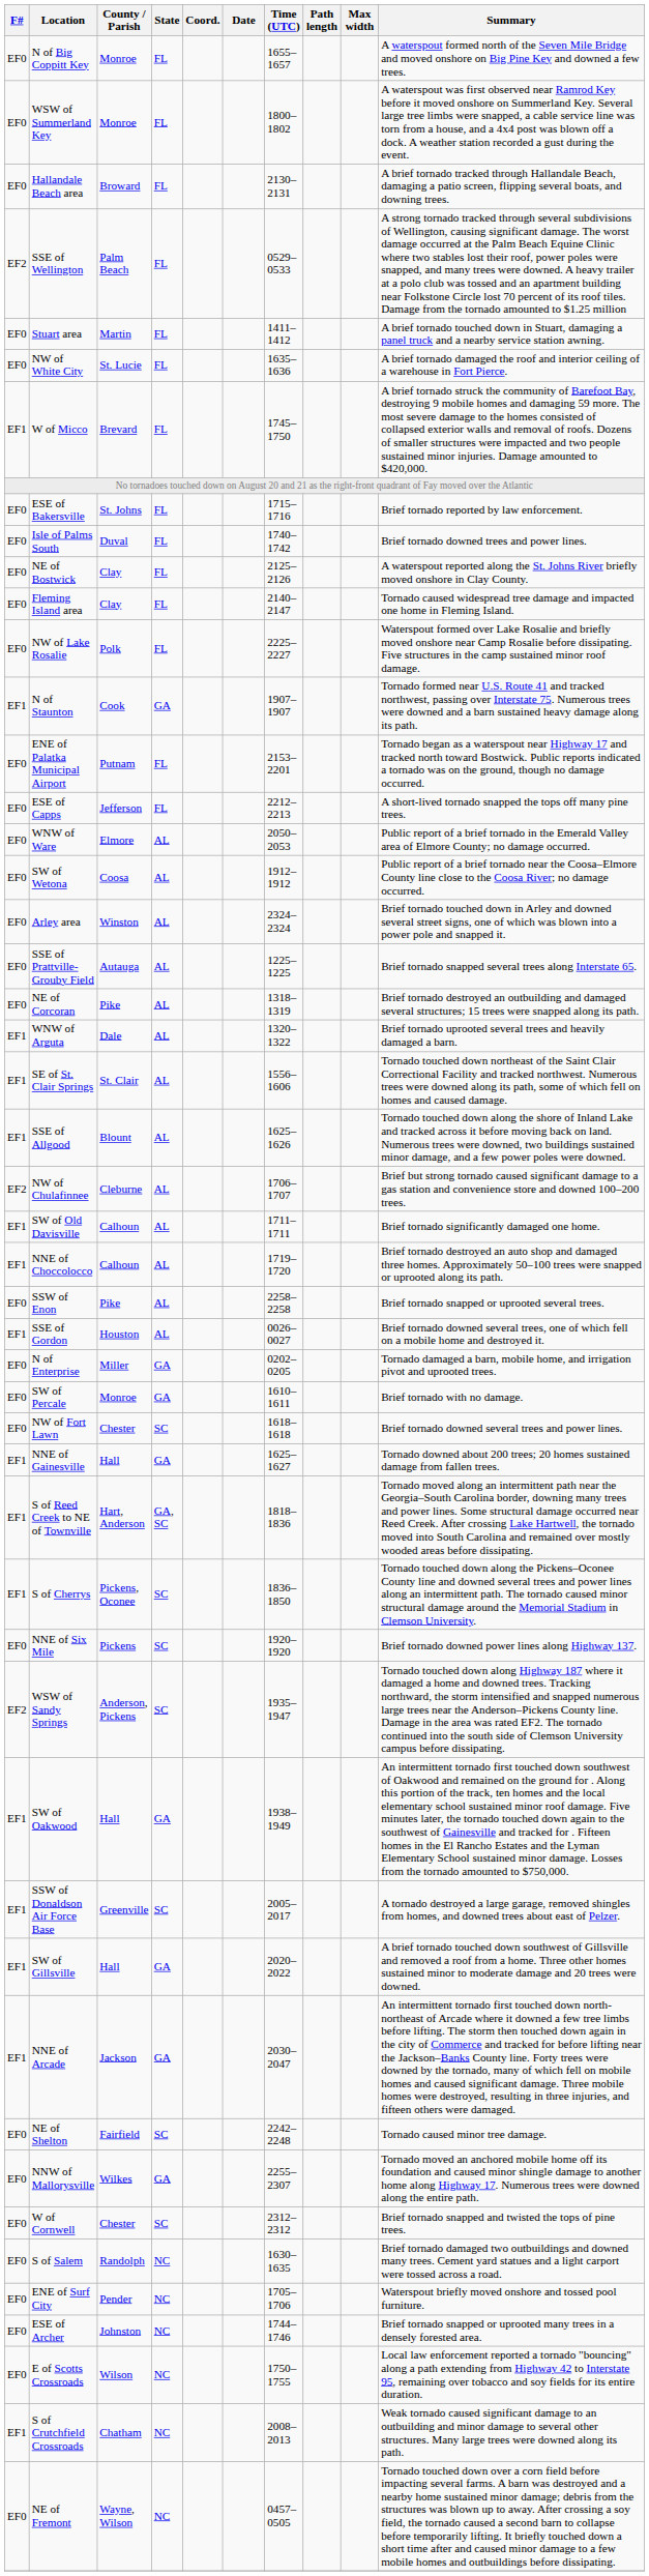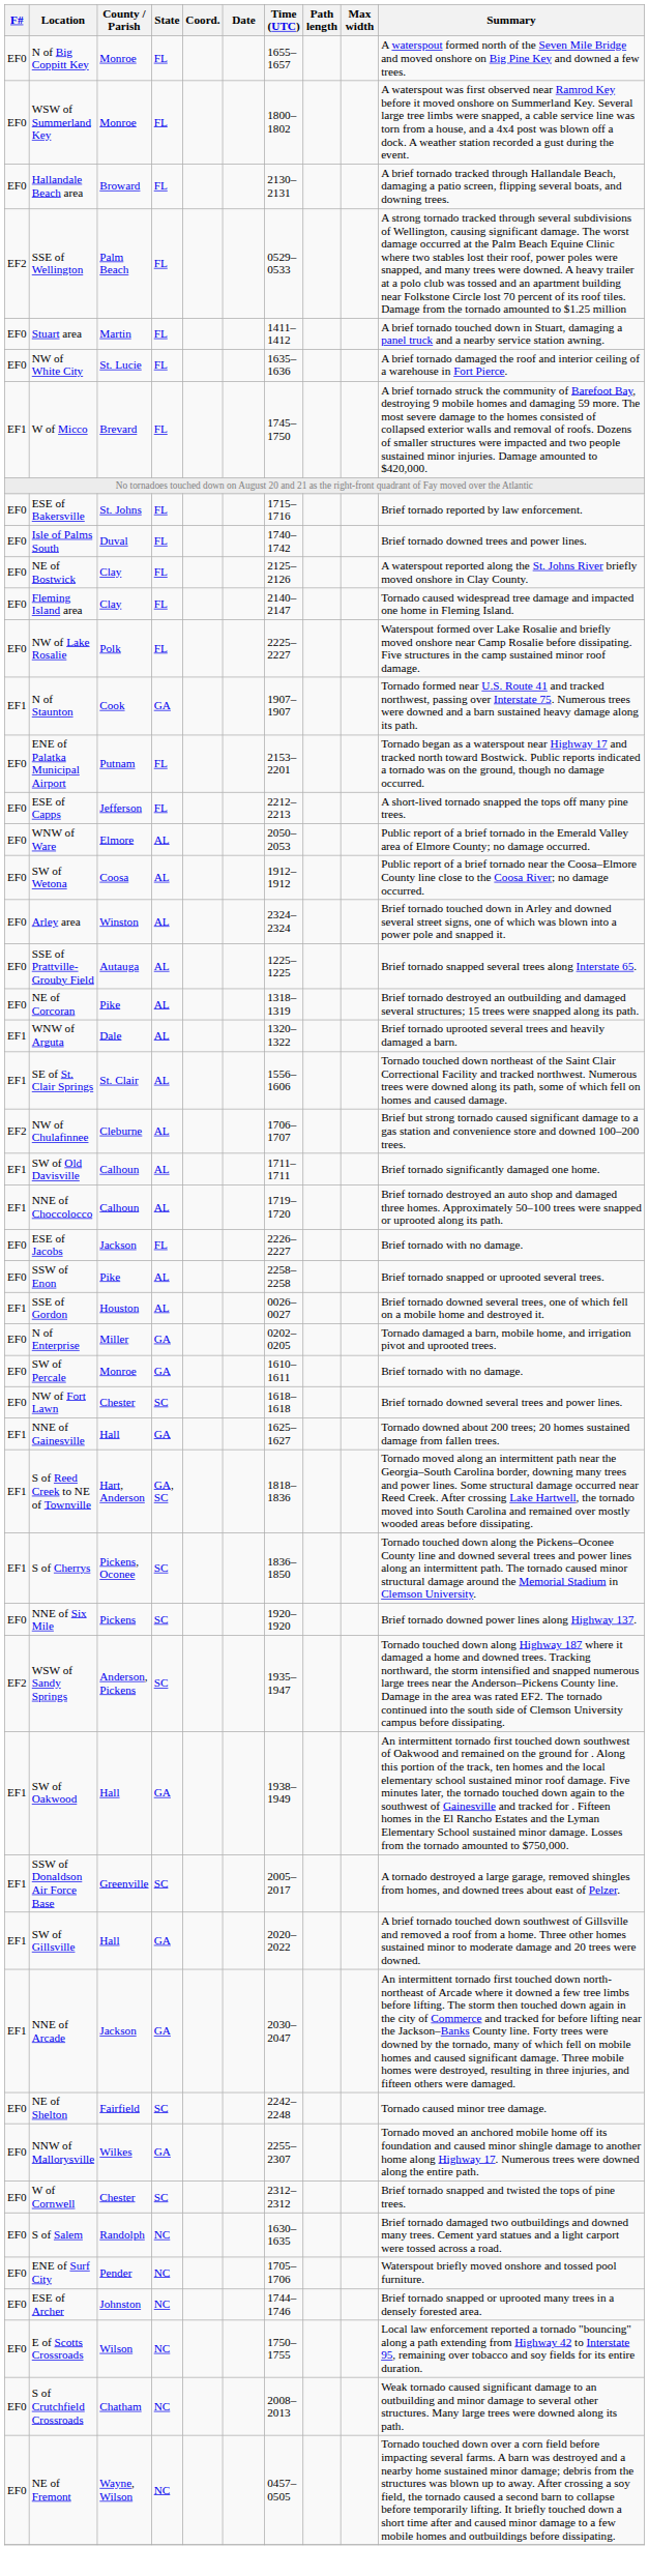 <table class="wikitable sortable" style="width:100%;">
 <tr>
 <th scope="col" width="3%" align="center"><a href='#'>F#</a></th>
 <th scope="col" width="7%" align="center" class="unsortable">Location</th>
 <th scope="col" width="6%" align="center" class="unsortable">County / Parish</th>
 <th scope="col" width="5%" align="center">State</th>
 <th scope="col" width="6%" align="center">Coord.</th>
 <th scope="col" width="7%" align="center">Date</th>
 <th scope="col" width="6%" align="center">Time (<a href='#'>UTC</a>)</th>
 <th scope="col" width="6%" align="center">Path length</th>
 <th scope="col" width="6%" align="center">Max width</th>
 <th scope="col" width="48%" class="unsortable" align="center">Summary</th>
 </tr>
 <tr>
 <td>EF0</td>
 <td>N of <a href='#'>Big Coppitt Key</a></td>
 <td><a href='#'>Monroe</a></td>
 <td><a href='#'>FL</a></td>
 <td></td>
 <td></td>
 <td>1655–1657</td>
 <td></td>
 <td></td>
 <td>A <a href='#'>waterspout</a> formed north of the <a href='#'>Seven Mile Bridge</a> and moved onshore on <a href='#'>Big Pine Key</a> and downed a few trees.</td>
 </tr>
 <tr>
 <td>EF0</td>
 <td>WSW of <a href='#'>Summerland Key</a></td>
 <td><a href='#'>Monroe</a></td>
 <td><a href='#'>FL</a></td>
 <td></td>
 <td></td>
 <td>1800–1802</td>
 <td></td>
 <td></td>
 <td>A waterspout was first observed near <a href='#'>Ramrod Key</a> before it moved onshore on Summerland Key. Several large tree limbs were snapped, a cable service line was torn from a house, and a 4x4 post was blown off a dock. A weather station recorded a  gust during the event.</td>
 </tr>
 <tr>
 <td>EF0</td>
 <td><a href='#'>Hallandale Beach</a> area</td>
 <td><a href='#'>Broward</a></td>
 <td><a href='#'>FL</a></td>
 <td></td>
 <td></td>
 <td>2130–2131</td>
 <td></td>
 <td></td>
 <td>A brief tornado tracked through Hallandale Beach, damaging a patio screen, flipping several boats, and downing trees.</td>
 </tr>
 <tr>
 <td>EF2</td>
 <td>SSE of <a href='#'>Wellington</a></td>
 <td><a href='#'>Palm Beach</a></td>
 <td><a href='#'>FL</a></td>
 <td></td>
 <td></td>
 <td>0529–0533</td>
 <td></td>
 <td></td>
 <td>A strong tornado tracked through several subdivisions of Wellington, causing significant damage. The worst damage occurred at the Palm Beach Equine Clinic where two stables lost their roof, power poles were snapped, and many trees were downed. A heavy trailer at a polo club was tossed  and an apartment building near Folkstone Circle lost 70 percent of its roof tiles. Damage from the tornado amounted to $1.25 million</td>
 </tr>
 <tr>
 <td>EF0</td>
 <td><a href='#'>Stuart</a> area</td>
 <td><a href='#'>Martin</a></td>
 <td><a href='#'>FL</a></td>
 <td></td>
 <td></td>
 <td>1411–1412</td>
 <td></td>
 <td></td>
 <td>A brief tornado touched down in Stuart, damaging a <a href='#'>panel truck</a> and a nearby service station awning.</td>
 </tr>
 <tr>
 <td>EF0</td>
 <td>NW of <a href='#'>White City</a></td>
 <td><a href='#'>St. Lucie</a></td>
 <td><a href='#'>FL</a></td>
 <td></td>
 <td></td>
 <td>1635–1636</td>
 <td></td>
 <td></td>
 <td>A brief tornado damaged the roof and interior ceiling of a warehouse in <a href='#'>Fort Pierce</a>.</td>
 </tr>
 <tr>
 <td>EF1</td>
 <td>W of <a href='#'>Micco</a></td>
 <td><a href='#'>Brevard</a></td>
 <td><a href='#'>FL</a></td>
 <td></td>
 <td></td>
 <td>1745–1750</td>
 <td></td>
 <td></td>
 <td>A brief tornado struck the community of <a href='#'>Barefoot Bay</a>, destroying 9 mobile homes and damaging 59 more. The most severe damage to the homes consisted of collapsed exterior walls and removal of roofs. Dozens of smaller structures were impacted and two people sustained minor injuries. Damage amounted to $420,000.</td>
 </tr>
 <tr>
 <td align=center colspan=10 style="background: #ececec; color: grey; vertical-align: middle; font-size: smaller; text-align: center; " class="table-na">No tornadoes touched down on August 20 and 21 as the right-front quadrant of Fay moved over the Atlantic</td>
 </tr>
 <tr>
 <td>EF0</td>
 <td>ESE of <a href='#'>Bakersville</a></td>
 <td><a href='#'>St. Johns</a></td>
 <td><a href='#'>FL</a></td>
 <td></td>
 <td></td>
 <td>1715–1716</td>
 <td></td>
 <td></td>
 <td>Brief tornado reported by law enforcement.</td>
 </tr>
 <tr>
 <td>EF0</td>
 <td><a href='#'>Isle of Palms South</a></td>
 <td><a href='#'>Duval</a></td>
 <td><a href='#'>FL</a></td>
 <td></td>
 <td></td>
 <td>1740–1742</td>
 <td></td>
 <td></td>
 <td>Brief tornado downed trees and power lines.</td>
 </tr>
 <tr>
 <td>EF0</td>
 <td>NE of <a href='#'>Bostwick</a></td>
 <td><a href='#'>Clay</a></td>
 <td><a href='#'>FL</a></td>
 <td></td>
 <td></td>
 <td>2125–2126</td>
 <td></td>
 <td></td>
 <td>A waterspout reported along the <a href='#'>St. Johns River</a> briefly moved onshore in Clay County.</td>
 </tr>
 <tr>
 <td>EF0</td>
 <td><a href='#'>Fleming Island</a> area</td>
 <td><a href='#'>Clay</a></td>
 <td><a href='#'>FL</a></td>
 <td></td>
 <td></td>
 <td>2140–2147</td>
 <td></td>
 <td></td>
 <td>Tornado caused widespread tree damage and impacted one home in Fleming Island.</td>
 </tr>
 <tr>
 <td>EF0</td>
 <td>NW of <a href='#'>Lake Rosalie</a></td>
 <td><a href='#'>Polk</a></td>
 <td><a href='#'>FL</a></td>
 <td></td>
 <td></td>
 <td>2225–2227</td>
 <td></td>
 <td></td>
 <td>Waterspout formed over Lake Rosalie and briefly moved onshore near Camp Rosalie before dissipating. Five structures in the camp sustained minor roof damage.</td>
 </tr>
 <tr>
 <td>EF1</td>
 <td>N of <a href='#'>Staunton</a></td>
 <td><a href='#'>Cook</a></td>
 <td><a href='#'>GA</a></td>
 <td></td>
 <td></td>
 <td>1907–1907</td>
 <td></td>
 <td></td>
 <td>Tornado formed near <a href='#'>U.S. Route 41</a> and tracked northwest, passing over <a href='#'>Interstate 75</a>. Numerous trees were downed and a barn sustained heavy damage along its path.</td>
 </tr>
 <tr>
 <td>EF0</td>
 <td>ENE of <a href='#'>Palatka Municipal Airport</a></td>
 <td><a href='#'>Putnam</a></td>
 <td><a href='#'>FL</a></td>
 <td></td>
 <td></td>
 <td>2153–2201</td>
 <td></td>
 <td></td>
 <td>Tornado began as a waterspout near <a href='#'>Highway 17</a> and tracked north toward Bostwick. Public reports indicated a tornado was on the ground, though no damage occurred.</td>
 </tr>
 <tr>
 <td>EF0</td>
 <td>ESE of <a href='#'>Capps</a></td>
 <td><a href='#'>Jefferson</a></td>
 <td><a href='#'>FL</a></td>
 <td></td>
 <td></td>
 <td>2212–2213</td>
 <td></td>
 <td></td>
 <td>A short-lived tornado snapped the tops off many pine trees.</td>
 </tr>
 <tr>
 <td>EF0</td>
 <td>WNW of <a href='#'>Ware</a></td>
 <td><a href='#'>Elmore</a></td>
 <td><a href='#'>AL</a></td>
 <td></td>
 <td></td>
 <td>2050–2053</td>
 <td></td>
 <td></td>
 <td>Public report of a brief tornado in the Emerald Valley area of Elmore County; no damage occurred.</td>
 </tr>
 <tr>
 <td>EF0</td>
 <td>SW of <a href='#'>Wetona</a></td>
 <td><a href='#'>Coosa</a></td>
 <td><a href='#'>AL</a></td>
 <td></td>
 <td></td>
 <td>1912–1912</td>
 <td></td>
 <td></td>
 <td>Public report of a brief tornado near the Coosa–Elmore County line close to the <a href='#'>Coosa River</a>; no damage occurred.</td>
 </tr>
 <tr>
 <td>EF0</td>
 <td><a href='#'>Arley</a> area</td>
 <td><a href='#'>Winston</a></td>
 <td><a href='#'>AL</a></td>
 <td></td>
 <td></td>
 <td>2324–2324</td>
 <td></td>
 <td></td>
 <td>Brief tornado touched down in Arley and downed several street signs, one of which was blown into a power pole and snapped it.</td>
 </tr>
 <tr>
 <td>EF0</td>
 <td>SSE of <a href='#'>Prattville-Grouby Field</a></td>
 <td><a href='#'>Autauga</a></td>
 <td><a href='#'>AL</a></td>
 <td></td>
 <td></td>
 <td>1225–1225</td>
 <td></td>
 <td></td>
 <td>Brief tornado snapped several trees along <a href='#'>Interstate 65</a>.</td>
 </tr>
 <tr>
 <td>EF0</td>
 <td>NE of <a href='#'>Corcoran</a></td>
 <td><a href='#'>Pike</a></td>
 <td><a href='#'>AL</a></td>
 <td></td>
 <td></td>
 <td>1318–1319</td>
 <td></td>
 <td></td>
 <td>Brief tornado destroyed an outbuilding and damaged several structures; 15 trees were snapped along its path.</td>
 </tr>
 <tr>
 <td>EF1</td>
 <td>WNW of <a href='#'>Arguta</a></td>
 <td><a href='#'>Dale</a></td>
 <td><a href='#'>AL</a></td>
 <td></td>
 <td></td>
 <td>1320–1322</td>
 <td></td>
 <td></td>
 <td>Brief tornado uprooted several trees and heavily damaged a barn.</td>
 </tr>
 <tr>
 <td>EF1</td>
 <td>SE of <a href='#'>St. Clair Springs</a></td>
 <td><a href='#'>St. Clair</a></td>
 <td><a href='#'>AL</a></td>
 <td></td>
 <td></td>
 <td>1556–1606</td>
 <td></td>
 <td></td>
 <td>Tornado touched down northeast of the Saint Clair Correctional Facility and tracked northwest. Numerous trees were downed along its path, some of which fell on homes and caused damage.</td>
 </tr>
 <tr>
-<td>EF1</td>
-<td>SSE of <a href='#'>Allgood</a></td>
-<td><a href='#'>Blount</a></td>
-<td><a href='#'>AL</a></td>
-<td></td>
-<td></td>
-<td>1625–1626</td>
-<td></td>
-<td></td>
-<td>Tornado touched down along the shore of Inland Lake and tracked across it before moving back on land. Numerous trees were downed, two buildings sustained minor damage, and a few power poles were downed.</td>
-</tr>
-<tr>
 <td>EF2</td>
 <td>NW of <a href='#'>Chulafinnee</a></td>
 <td><a href='#'>Cleburne</a></td>
 <td><a href='#'>AL</a></td>
 <td></td>
 <td></td>
 <td>1706–1707</td>
 <td></td>
 <td></td>
 <td>Brief but strong tornado caused significant damage to a gas station and convenience store and downed 100–200 trees.</td>
 </tr>
 <tr>
 <td>EF1</td>
 <td>SW of <a href='#'>Old Davisville</a></td>
 <td><a href='#'>Calhoun</a></td>
 <td><a href='#'>AL</a></td>
 <td></td>
 <td></td>
 <td>1711–1711</td>
 <td></td>
 <td></td>
 <td>Brief tornado significantly damaged one home.</td>
 </tr>
 <tr>
 <td>EF1</td>
 <td>NNE of <a href='#'>Choccolocco</a></td>
 <td><a href='#'>Calhoun</a></td>
 <td><a href='#'>AL</a></td>
 <td></td>
 <td></td>
 <td>1719–1720</td>
 <td></td>
 <td></td>
 <td>Brief tornado destroyed an auto shop and damaged three homes. Approximately 50–100 trees were snapped or uprooted along its path.</td>
+</tr>
+<tr>
+<td>EF0</td>
+<td>ESE of <a href='#'>Jacobs</a></td>
+<td><a href='#'>Jackson</a></td>
+<td><a href='#'>FL</a></td>
+<td></td>
+<td></td>
+<td>2226–2227</td>
+<td></td>
+<td></td>
+<td>Brief tornado with no damage.</td>
 </tr>
 <tr>
 <td>EF0</td>
 <td>SSW of <a href='#'>Enon</a></td>
 <td><a href='#'>Pike</a></td>
 <td><a href='#'>AL</a></td>
 <td></td>
 <td></td>
 <td>2258–2258</td>
 <td></td>
 <td></td>
 <td>Brief tornado snapped or uprooted several trees.</td>
 </tr>
 <tr>
 <td>EF1</td>
 <td>SSE of <a href='#'>Gordon</a></td>
 <td><a href='#'>Houston</a></td>
 <td><a href='#'>AL</a></td>
 <td></td>
 <td></td>
 <td>0026–0027</td>
 <td></td>
 <td></td>
 <td>Brief tornado downed several trees, one of which fell on a mobile home and destroyed it.</td>
 </tr>
 <tr>
 <td>EF0</td>
 <td>N of <a href='#'>Enterprise</a></td>
 <td><a href='#'>Miller</a></td>
 <td><a href='#'>GA</a></td>
 <td></td>
 <td></td>
 <td>0202–0205</td>
 <td></td>
 <td></td>
 <td>Tornado damaged a barn, mobile home, and irrigation pivot and uprooted trees.</td>
 </tr>
 <tr>
 <td>EF0</td>
 <td>SW of <a href='#'>Percale</a></td>
 <td><a href='#'>Monroe</a></td>
 <td><a href='#'>GA</a></td>
 <td></td>
 <td></td>
 <td>1610–1611</td>
 <td></td>
 <td></td>
 <td>Brief tornado with no damage.</td>
 </tr>
 <tr>
 <td>EF0</td>
 <td>NW of <a href='#'>Fort Lawn</a></td>
 <td><a href='#'>Chester</a></td>
 <td><a href='#'>SC</a></td>
 <td></td>
 <td></td>
 <td>1618–1618</td>
 <td></td>
 <td></td>
 <td>Brief tornado downed several trees and power lines.</td>
 </tr>
 <tr>
 <td>EF1</td>
 <td>NNE of <a href='#'>Gainesville</a></td>
 <td><a href='#'>Hall</a></td>
 <td><a href='#'>GA</a></td>
 <td></td>
 <td></td>
 <td>1625–1627</td>
 <td></td>
 <td></td>
 <td>Tornado downed about 200 trees; 20 homes sustained damage from fallen trees.</td>
 </tr>
 <tr>
 <td>EF1</td>
 <td>S of <a href='#'>Reed Creek</a> to NE of <a href='#'>Townville</a></td>
 <td><a href='#'>Hart</a>, <a href='#'>Anderson</a></td>
 <td><a href='#'>GA</a>, <a href='#'>SC</a></td>
 <td></td>
 <td></td>
 <td>1818–1836</td>
 <td></td>
 <td></td>
 <td>Tornado moved along an intermittent path near the Georgia–South Carolina border, downing many trees and power lines. Some structural damage occurred near Reed Creek. After crossing <a href='#'>Lake Hartwell</a>, the tornado moved into South Carolina and remained over mostly wooded areas before dissipating.</td>
 </tr>
 <tr>
 <td>EF1</td>
 <td>S of <a href='#'>Cherrys</a></td>
 <td><a href='#'>Pickens</a>, <a href='#'>Oconee</a></td>
 <td><a href='#'>SC</a></td>
 <td></td>
 <td></td>
 <td>1836–1850</td>
 <td></td>
 <td></td>
 <td>Tornado touched down along the Pickens–Oconee County line and downed several trees and power lines along an intermittent path. The tornado caused minor structural damage around the <a href='#'>Memorial Stadium</a> in <a href='#'>Clemson University</a>.</td>
 </tr>
 <tr>
 <td>EF0</td>
 <td>NNE of <a href='#'>Six Mile</a></td>
 <td><a href='#'>Pickens</a></td>
 <td><a href='#'>SC</a></td>
 <td></td>
 <td></td>
 <td>1920–1920</td>
 <td></td>
 <td></td>
 <td>Brief tornado downed power lines along <a href='#'>Highway 137</a>.</td>
 </tr>
 <tr>
 <td>EF2</td>
 <td>WSW of <a href='#'>Sandy Springs</a></td>
 <td><a href='#'>Anderson</a>, <a href='#'>Pickens</a></td>
 <td><a href='#'>SC</a></td>
 <td></td>
 <td></td>
 <td>1935–1947</td>
 <td></td>
 <td></td>
 <td>Tornado touched down along <a href='#'>Highway 187</a> where it damaged a home and downed trees. Tracking northward, the storm intensified and snapped numerous large trees near the Anderson–Pickens County line. Damage in the area was rated EF2. The tornado continued into the south side of Clemson University campus before dissipating.</td>
 </tr>
 <tr>
 <td>EF1</td>
 <td>SW of <a href='#'>Oakwood</a></td>
 <td><a href='#'>Hall</a></td>
 <td><a href='#'>GA</a></td>
 <td></td>
 <td></td>
 <td>1938–1949</td>
 <td></td>
 <td></td>
 <td>An intermittent tornado first touched down southwest of Oakwood and remained on the ground for . Along this portion of the track, ten homes and the local elementary school sustained minor roof damage. Five minutes later, the tornado touched down again to the southwest of <a href='#'>Gainesville</a> and tracked for . Fifteen homes in the El Rancho Estates and the Lyman Elementary School sustained minor damage. Losses from the tornado amounted to $750,000.</td>
 </tr>
 <tr>
 <td>EF1</td>
 <td>SSW of <a href='#'>Donaldson Air Force Base</a></td>
 <td><a href='#'>Greenville</a></td>
 <td><a href='#'>SC</a></td>
 <td></td>
 <td></td>
 <td>2005–2017</td>
 <td></td>
 <td></td>
 <td>A tornado destroyed a large garage, removed shingles from homes, and downed trees about  east of <a href='#'>Pelzer</a>.</td>
 </tr>
 <tr>
 <td>EF1</td>
 <td>SW of <a href='#'>Gillsville</a></td>
 <td><a href='#'>Hall</a></td>
 <td><a href='#'>GA</a></td>
 <td></td>
 <td></td>
 <td>2020–2022</td>
 <td></td>
 <td></td>
 <td>A brief tornado touched down southwest of Gillsville and removed a roof from a home. Three other homes sustained minor to moderate damage and 20 trees were downed.</td>
 </tr>
 <tr>
 <td>EF1</td>
 <td>NNE of <a href='#'>Arcade</a></td>
 <td><a href='#'>Jackson</a></td>
 <td><a href='#'>GA</a></td>
 <td></td>
 <td></td>
 <td>2030–2047</td>
 <td></td>
 <td></td>
 <td>An intermittent tornado first touched down north-northeast of Arcade where it downed a few tree limbs before lifting. The storm then touched down again in the city of <a href='#'>Commerce</a> and tracked for  before lifting near the Jackson–<a href='#'>Banks</a> County line. Forty trees were downed by the tornado, many of which fell on mobile homes and caused significant damage. Three mobile homes were destroyed, resulting in three injuries, and fifteen others were damaged.</td>
 </tr>
 <tr>
 <td>EF0</td>
 <td>NE of <a href='#'>Shelton</a></td>
 <td><a href='#'>Fairfield</a></td>
 <td><a href='#'>SC</a></td>
 <td></td>
 <td></td>
 <td>2242–2248</td>
 <td></td>
 <td></td>
 <td>Tornado caused minor tree damage.</td>
 </tr>
 <tr>
 <td>EF0</td>
 <td>NNW of <a href='#'>Mallorysville</a></td>
 <td><a href='#'>Wilkes</a></td>
 <td><a href='#'>GA</a></td>
 <td></td>
 <td></td>
 <td>2255–2307</td>
 <td></td>
 <td></td>
 <td>Tornado moved an anchored mobile home  off its foundation and caused minor shingle damage to another home along <a href='#'>Highway 17</a>. Numerous trees were downed along the entire path.</td>
 </tr>
 <tr>
 <td>EF0</td>
 <td>W of <a href='#'>Cornwell</a></td>
 <td><a href='#'>Chester</a></td>
 <td><a href='#'>SC</a></td>
 <td></td>
 <td></td>
 <td>2312–2312</td>
 <td></td>
 <td></td>
 <td>Brief tornado snapped and twisted the tops of pine trees.</td>
 </tr>
 <tr>
 <td>EF0</td>
 <td>S of <a href='#'>Salem</a></td>
 <td><a href='#'>Randolph</a></td>
 <td><a href='#'>NC</a></td>
 <td></td>
 <td></td>
 <td>1630–1635</td>
 <td></td>
 <td></td>
 <td>Brief tornado damaged two outbuildings and downed many trees. Cement yard statues and a light carport were tossed across a road.</td>
 </tr>
 <tr>
 <td>EF0</td>
 <td>ENE of <a href='#'>Surf City</a></td>
 <td><a href='#'>Pender</a></td>
 <td><a href='#'>NC</a></td>
 <td></td>
 <td></td>
 <td>1705–1706</td>
 <td></td>
 <td></td>
 <td>Waterspout briefly moved onshore and tossed pool furniture.</td>
 </tr>
 <tr>
 <td>EF0</td>
 <td>ESE of <a href='#'>Archer</a></td>
 <td><a href='#'>Johnston</a></td>
 <td><a href='#'>NC</a></td>
 <td></td>
 <td></td>
 <td>1744–1746</td>
 <td></td>
 <td></td>
 <td>Brief tornado snapped or uprooted many trees in a densely forested area.</td>
 </tr>
 <tr>
 <td>EF0</td>
 <td>E of <a href='#'>Scotts Crossroads</a></td>
 <td><a href='#'>Wilson</a></td>
 <td><a href='#'>NC</a></td>
 <td></td>
 <td></td>
 <td>1750–1755</td>
 <td></td>
 <td></td>
 <td>Local law enforcement reported a tornado "bouncing" along a path extending from <a href='#'>Highway 42</a> to <a href='#'>Interstate 95</a>, remaining over tobacco and soy fields for its entire duration.</td>
 </tr>
 <tr>
-<td>EF1</td>
+<td>EF0</td>
 <td>S of <a href='#'>Crutchfield Crossroads</a></td>
 <td><a href='#'>Chatham</a></td>
 <td><a href='#'>NC</a></td>
 <td></td>
 <td></td>
 <td>2008–2013</td>
 <td></td>
 <td></td>
 <td>Weak tornado caused significant damage to an outbuilding and minor damage to several other structures. Many large trees were downed along its path.</td>
 </tr>
 <tr>
 <td>EF0</td>
 <td>NE of <a href='#'>Fremont</a></td>
 <td><a href='#'>Wayne</a>, <a href='#'>Wilson</a></td>
 <td><a href='#'>NC</a></td>
 <td></td>
 <td></td>
 <td>0457–0505</td>
 <td></td>
 <td></td>
 <td>Tornado touched down over a corn field before impacting several farms. A barn was destroyed and a nearby home sustained minor damage; debris from the structures was blown up to  away. After crossing a soy field, the tornado caused a second barn to collapse before temporarily lifting. It briefly touched down a short time after and caused minor damage to a few mobile homes and outbuildings before dissipating.</td>
 </tr>
 <tr>
 </tr>
 </table>
